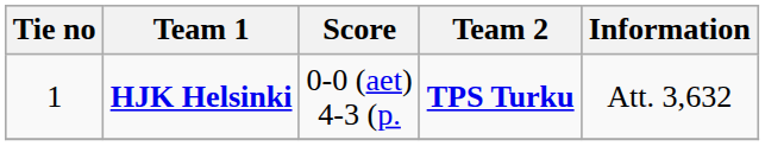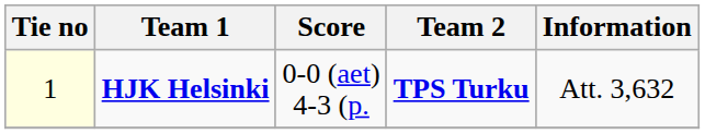 <table class="wikitable" style="text-align:center">
 <tr>
 <th style= width="40px">Tie no</th>
 <th style= width="150px">Team 1</th>
 <th style= width="60px">Score</th>
 <th style= width="150px">Team 2</th>
 <th style= width="30px">Information</th>
 </tr>
 <tr>
-<td>1</td>
+<td style="background: lightyellow;">1</td>
 <td><strong><a href='#'>HJK Helsinki</a></strong></td>
 <td>0-0 (<a href='#'>aet</a>)<br> 4-3  (<a href='#'>p.</a></td>
 <td><strong><a href='#'>TPS Turku</a></strong></td>
 <td>Att. 3,632</td>
 </tr>
 <tr>
 </tr>
 </table>
